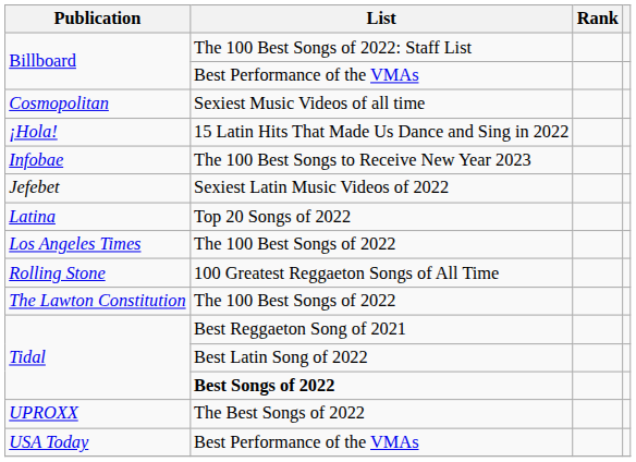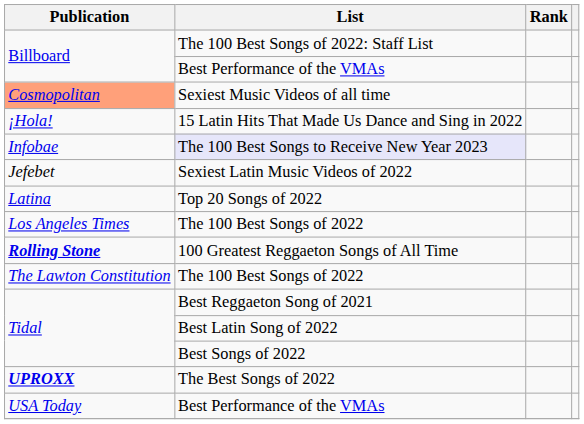 <table class="sortable wikitable">
 <tr>
 <th>Publication</th>
 <th>List</th>
 <th>Rank</th>
 <th class="unsortable"></th>
 </tr>
 <tr>
 <td rowspan="2"><em><a href='#'></em>Billboard<em></a></em></td>
 <td>The 100 Best Songs of 2022: Staff List</td>
 <td></td>
 <td></td>
 </tr>
 <tr>
 <td>Best Performance of the <a href='#'>VMAs</a></td>
 <td></td>
 <td></td>
 </tr>
 <tr>
-<td><em><a href='#'>Cosmopolitan</a></em></td>
+<td style="background: lightsalmon;"><em><a href='#'>Cosmopolitan</a></em></td>
 <td>Sexiest Music Videos of all time</td>
 <td></td>
 <td></td>
 </tr>
 <tr>
 <td><em><a href='#'>¡Hola!</a></em></td>
 <td>15 Latin Hits That Made Us Dance and Sing in 2022</td>
 <td></td>
 <td></td>
 </tr>
 <tr>
 <td><em><a href='#'>Infobae</a></em></td>
-<td>The 100 Best Songs to Receive New Year 2023</td>
+<td style="background: lavender;">The 100 Best Songs to Receive New Year 2023</td>
 <td></td>
 <td></td>
 </tr>
 <tr>
 <td><em>Jefebet</em></td>
 <td>Sexiest Latin Music Videos of 2022</td>
 <td></td>
 <td></td>
 </tr>
 <tr>
 <td><a href='#'><em>Latina</em></a></td>
 <td>Top 20 Songs of 2022</td>
 <td></td>
 <td></td>
 </tr>
 <tr>
 <td><em><a href='#'>Los Angeles Times</a></em></td>
 <td>The 100 Best Songs of 2022</td>
 <td></td>
 <td></td>
 </tr>
 <tr>
-<td><em><a href='#'>Rolling Stone</a></em></td>
+<td><strong><em><a href='#'>Rolling Stone</a></em></strong></td>
 <td>100 Greatest Reggaeton Songs of All Time</td>
 <td></td>
 <td></td>
 </tr>
 <tr>
 <td><a href='#'><em>The Lawton Constitution</em></a></td>
 <td>The 100 Best Songs of 2022</td>
 <td></td>
 <td></td>
 </tr>
 <tr>
 <td rowspan="3"><em><a href='#'>Tidal</a></em></td>
 <td>Best Reggaeton Song of 2021</td>
 <td></td>
 <td></td>
 </tr>
 <tr>
 <td>Best Latin Song of 2022</td>
 <td></td>
 <td></td>
 </tr>
 <tr>
-<td><strong>Best Songs of 2022</strong></td>
+<td>Best Songs of 2022</td>
 <td></td>
 <td></td>
 </tr>
 <tr>
-<td><em><a href='#'>UPROXX</a></em></td>
+<td><strong><em><a href='#'>UPROXX</a></em></strong></td>
 <td>The Best Songs of 2022</td>
 <td></td>
 <td></td>
 </tr>
 <tr>
 <td><em><a href='#'>USA Today</a></em></td>
 <td>Best Performance of the <a href='#'>VMAs</a></td>
 <td></td>
 <td></td>
 </tr>
 <tr>
 </tr>
 </table>
